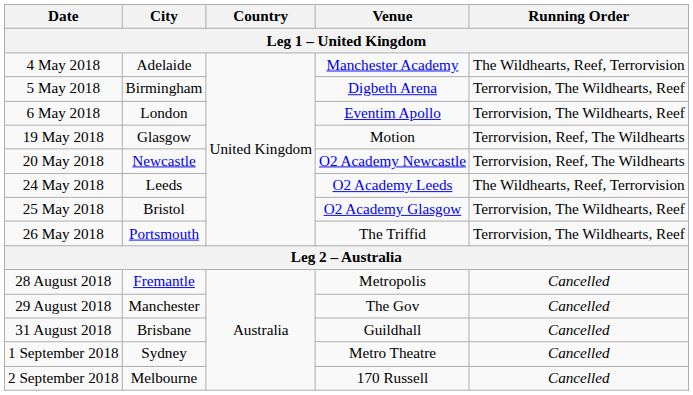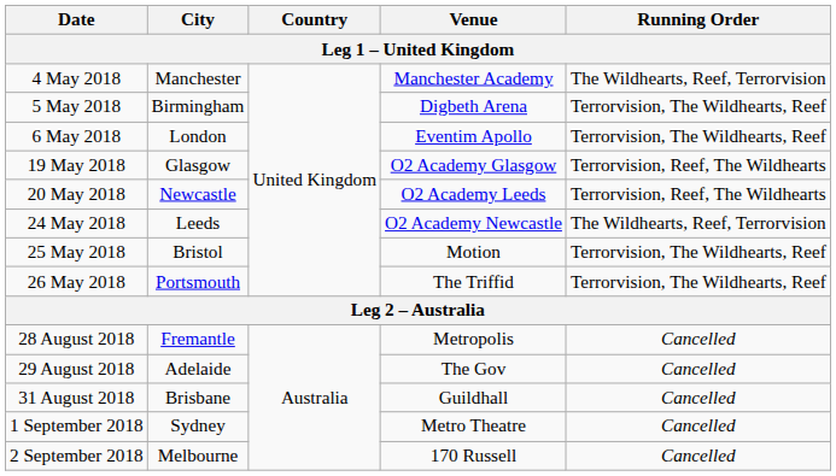 <table class="wikitable" style="text-align:center;">
 <tr>
 <th>Date</th>
 <th>City</th>
 <th>Country</th>
 <th>Venue</th>
 <th>Running Order</th>
 </tr>
 <tr>
 <th colspan="5">Leg 1 – United Kingdom</th>
 </tr>
 <tr>
 <td>4 May 2018</td>
-<td>Adelaide</td>
+<td>Manchester</td>
 <td rowspan="8">United Kingdom</td>
 <td><a href='#'>Manchester Academy</a></td>
 <td>The Wildhearts, Reef, Terrorvision</td>
 </tr>
 <tr>
 <td>5 May 2018</td>
 <td>Birmingham</td>
 <td><a href='#'>Digbeth Arena</a></td>
 <td>Terrorvision, The Wildhearts, Reef</td>
 </tr>
 <tr>
 <td>6 May 2018</td>
 <td>London</td>
 <td><a href='#'>Eventim Apollo</a></td>
 <td>Terrorvision, The Wildhearts, Reef</td>
 </tr>
 <tr>
 <td>19 May 2018</td>
 <td>Glasgow</td>
-<td>Motion</td>
+<td><a href='#'>O2 Academy Glasgow</a></td>
 <td>Terrorvision, Reef, The Wildhearts</td>
 </tr>
 <tr>
 <td>20 May 2018</td>
 <td><a href='#'>Newcastle</a></td>
-<td><a href='#'>O2 Academy Newcastle</a></td>
+<td><a href='#'>O2 Academy Leeds</a></td>
 <td>Terrorvision, Reef, The Wildhearts</td>
 </tr>
 <tr>
 <td>24 May 2018</td>
 <td>Leeds</td>
-<td><a href='#'>O2 Academy Leeds</a></td>
+<td><a href='#'>O2 Academy Newcastle</a></td>
 <td>The Wildhearts, Reef, Terrorvision</td>
 </tr>
 <tr>
 <td>25 May 2018</td>
 <td>Bristol</td>
-<td><a href='#'>O2 Academy Glasgow</a></td>
+<td>Motion</td>
 <td>Terrorvision, The Wildhearts, Reef</td>
 </tr>
 <tr>
 <td>26 May 2018</td>
 <td><a href='#'>Portsmouth</a></td>
 <td>The Triffid</td>
 <td>Terrorvision, The Wildhearts, Reef</td>
 </tr>
 <tr>
 <th colspan="5">Leg 2 – Australia</th>
 </tr>
 <tr>
 <td>28 August 2018</td>
 <td><a href='#'>Fremantle</a></td>
 <td rowspan="5">Australia</td>
 <td>Metropolis</td>
 <td><em>Cancelled</em></td>
 </tr>
 <tr>
 <td>29 August 2018</td>
-<td>Manchester</td>
+<td>Adelaide</td>
 <td>The Gov</td>
 <td><em>Cancelled</em></td>
 </tr>
 <tr>
 <td>31 August 2018</td>
 <td>Brisbane</td>
 <td>Guildhall</td>
 <td><em>Cancelled</em></td>
 </tr>
 <tr>
 <td>1 September 2018</td>
 <td>Sydney</td>
 <td>Metro Theatre</td>
 <td><em>Cancelled</em></td>
 </tr>
 <tr>
 <td>2 September 2018</td>
 <td>Melbourne</td>
 <td>170 Russell</td>
 <td><em>Cancelled</em></td>
 </tr>
 </table>
